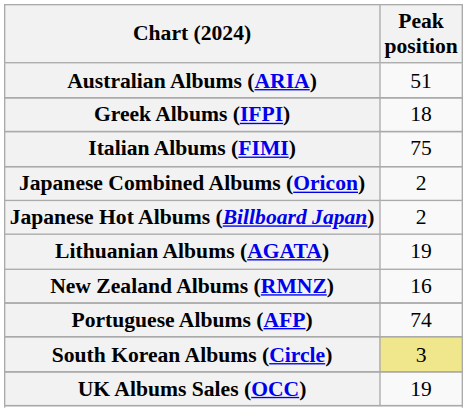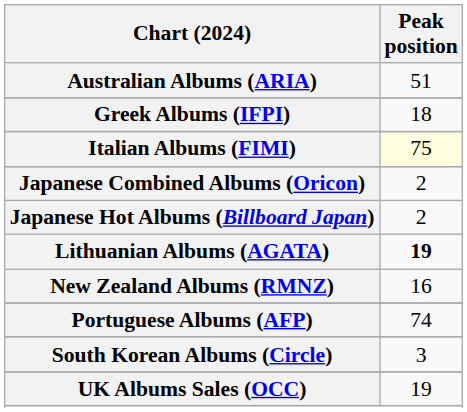 <table class="wikitable sortable plainrowheaders" style="text-align:center">
 <tr>
 <th scope="col">Chart (2024)</th>
 <th scope="col">Peak<br>position</th>
 </tr>
 <tr>
 <th scope="row">Australian Albums (<a href='#'>ARIA</a>)</th>
 <td>51</td>
 </tr>
 <tr>
 </tr>
 <tr>
 </tr>
 <tr>
 </tr>
 <tr>
 </tr>
 <tr>
 </tr>
 <tr>
 </tr>
 <tr>
 <th scope="row">Greek Albums (<a href='#'>IFPI</a>)</th>
 <td>18</td>
 </tr>
 <tr>
 </tr>
 <tr>
 <th scope="row">Italian Albums (<a href='#'>FIMI</a>)</th>
-<td>75</td>
+<td style="background: lightyellow;">75</td>
 </tr>
 <tr>
 </tr>
 <tr>
 <th scope="row">Japanese Combined Albums (<a href='#'>Oricon</a>)</th>
 <td>2</td>
 </tr>
 <tr>
 <th scope="row">Japanese Hot Albums (<em><a href='#'>Billboard Japan</a></em>)</th>
 <td>2</td>
 </tr>
 <tr>
 <th scope="row">Lithuanian Albums (<a href='#'>AGATA</a>)</th>
-<td>19</td>
+<td><strong>19</strong></td>
 </tr>
 <tr>
 <th scope="row">New Zealand Albums (<a href='#'>RMNZ</a>)</th>
 <td>16</td>
 </tr>
 <tr>
 </tr>
 <tr>
 <th scope="row">Portuguese Albums (<a href='#'>AFP</a>)</th>
 <td>74</td>
 </tr>
 <tr>
 </tr>
 <tr>
 <th scope="row">South Korean Albums (<a href='#'>Circle</a>)</th>
-<td style="background: khaki;">3</td>
+<td>3</td>
 </tr>
 <tr>
 </tr>
 <tr>
 <th scope="row">UK Albums Sales (<a href='#'>OCC</a>)</th>
 <td>19</td>
 </tr>
 <tr>
 </tr>
 <tr>
 </tr>
 </table>
